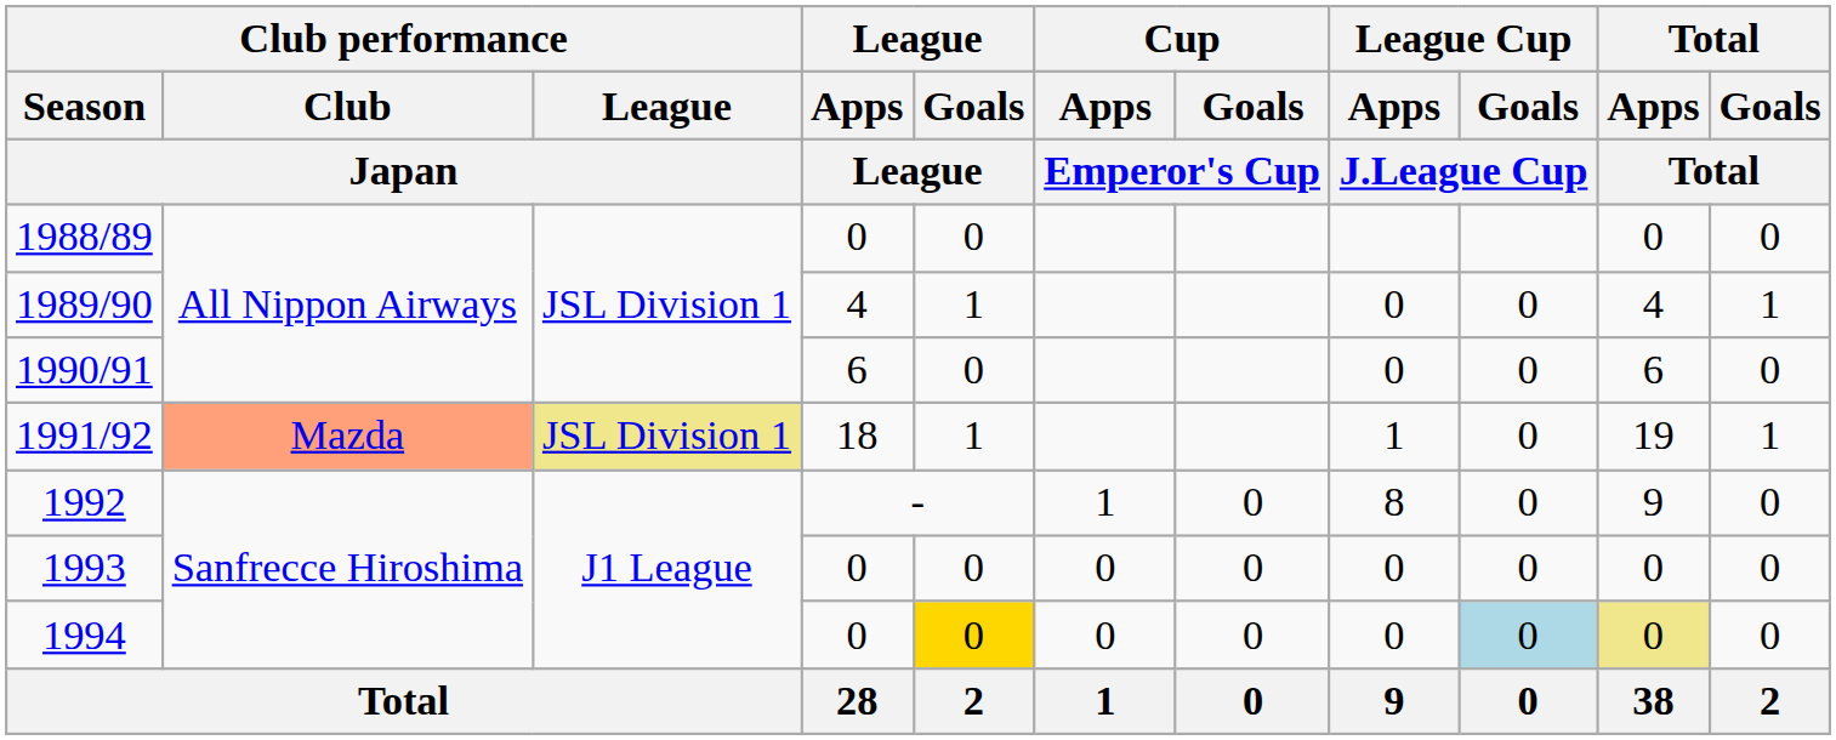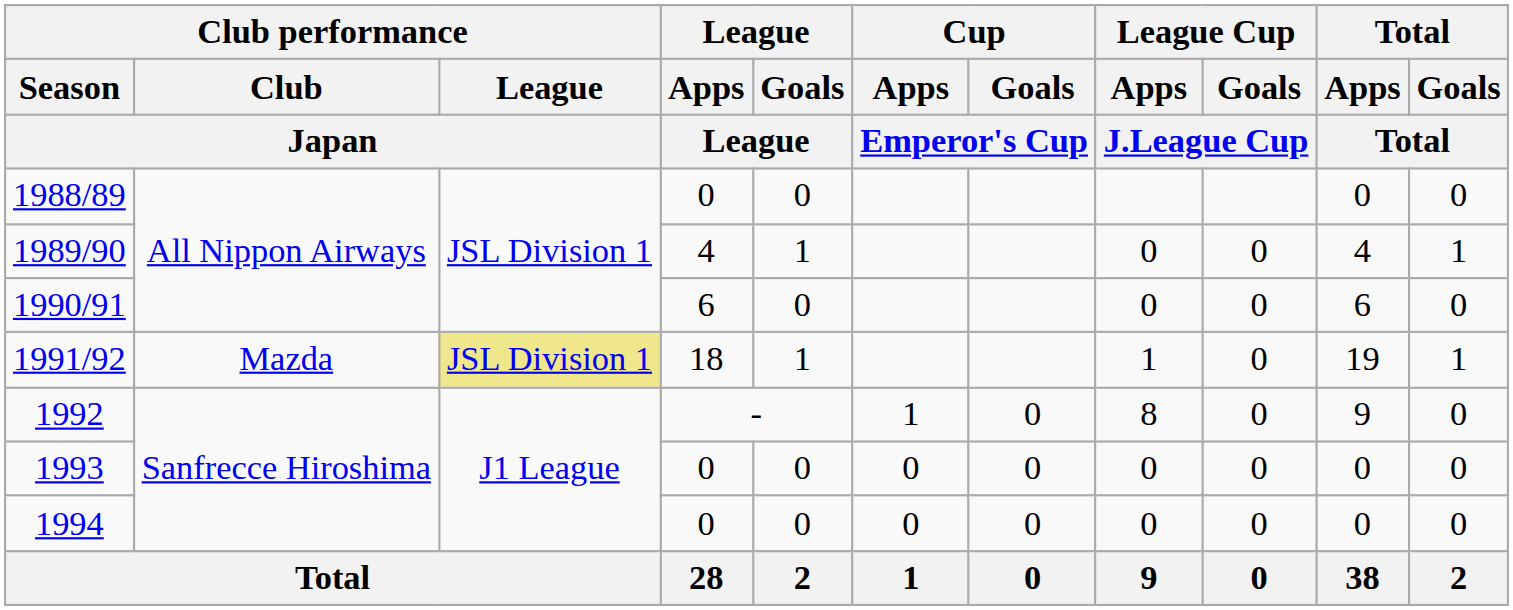 <table class="wikitable" style="text-align:center;">
 <tr>
 <th colspan=3>Club performance</th>
 <th colspan=2>League</th>
 <th colspan=2>Cup</th>
 <th colspan=2>League Cup</th>
 <th colspan=2>Total</th>
 </tr>
 <tr>
 <th>Season</th>
 <th>Club</th>
 <th>League</th>
 <th>Apps</th>
 <th>Goals</th>
 <th>Apps</th>
 <th>Goals</th>
 <th>Apps</th>
 <th>Goals</th>
 <th>Apps</th>
 <th>Goals</th>
 </tr>
 <tr>
 <th colspan=3>Japan</th>
 <th colspan=2>League</th>
 <th colspan=2><a href='#'>Emperor's Cup</a></th>
 <th colspan=2><a href='#'>J.League Cup</a></th>
 <th colspan=2>Total</th>
 </tr>
 <tr>
 <td><a href='#'>1988/89</a></td>
 <td rowspan="3"><a href='#'>All Nippon Airways</a></td>
 <td rowspan="3"><a href='#'>JSL Division 1</a></td>
 <td>0</td>
 <td>0</td>
 <td></td>
 <td></td>
 <td></td>
 <td></td>
 <td>0</td>
 <td>0</td>
 </tr>
 <tr>
 <td><a href='#'>1989/90</a></td>
 <td>4</td>
 <td>1</td>
 <td></td>
 <td></td>
 <td>0</td>
 <td>0</td>
 <td>4</td>
 <td>1</td>
 </tr>
 <tr>
 <td><a href='#'>1990/91</a></td>
 <td>6</td>
 <td>0</td>
 <td></td>
 <td></td>
 <td>0</td>
 <td>0</td>
 <td>6</td>
 <td>0</td>
 </tr>
 <tr>
 <td><a href='#'>1991/92</a></td>
-<td style="background: lightsalmon;"><a href='#'>Mazda</a></td>
+<td><a href='#'>Mazda</a></td>
 <td style="background: khaki;"><a href='#'>JSL Division 1</a></td>
 <td>18</td>
 <td>1</td>
 <td></td>
 <td></td>
 <td>1</td>
 <td>0</td>
 <td>19</td>
 <td>1</td>
 </tr>
 <tr>
 <td><a href='#'>1992</a></td>
 <td rowspan="3"><a href='#'>Sanfrecce Hiroshima</a></td>
 <td rowspan="3"><a href='#'>J1 League</a></td>
 <td colspan="2">-</td>
 <td>1</td>
 <td>0</td>
 <td>8</td>
 <td>0</td>
 <td>9</td>
 <td>0</td>
 </tr>
 <tr>
 <td><a href='#'>1993</a></td>
 <td>0</td>
 <td>0</td>
 <td>0</td>
 <td>0</td>
 <td>0</td>
 <td>0</td>
 <td>0</td>
 <td>0</td>
 </tr>
 <tr>
 <td><a href='#'>1994</a></td>
 <td>0</td>
-<td style="background: gold;">0</td>
 <td>0</td>
 <td>0</td>
 <td>0</td>
-<td style="background: lightblue;">0</td>
-<td style="background: khaki;">0</td>
+<td>0</td>
+<td>0</td>
+<td>0</td>
 <td>0</td>
 </tr>
 <tr>
 <th colspan=3>Total</th>
 <th>28</th>
 <th>2</th>
 <th>1</th>
 <th>0</th>
 <th>9</th>
 <th>0</th>
 <th>38</th>
 <th>2</th>
 </tr>
 </table>
